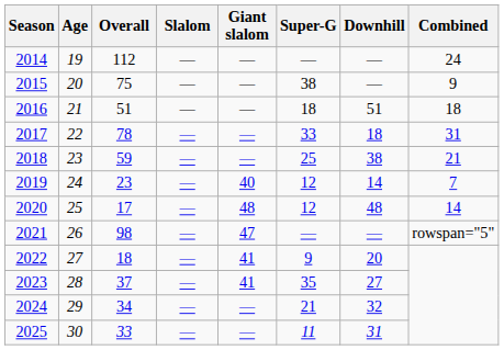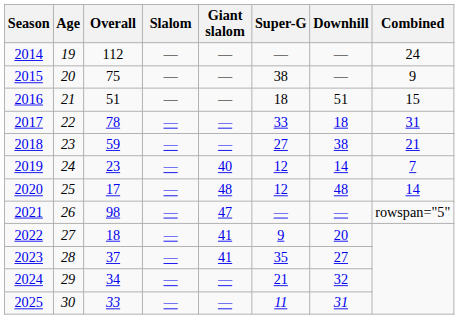 <table class=wikitable style="text-align:center">
 <tr>
 <th>Season</th>
 <th>Age</th>
 <th> Overall </th>
 <th> Slalom </th>
 <th>Giant<br> slalom </th>
 <th>Super-G</th>
 <th>Downhill</th>
 <th>Combined</th>
 </tr>
 <tr>
 <td><a href='#'>2014</a></td>
 <td><em>19</em></td>
 <td>112</td>
 <td>—</td>
 <td>—</td>
 <td>—</td>
 <td>—</td>
 <td>24</td>
 </tr>
 <tr>
 <td><a href='#'>2015</a></td>
 <td><em>20</em></td>
 <td>75</td>
 <td>—</td>
 <td>—</td>
 <td>38</td>
 <td>—</td>
 <td>9</td>
 </tr>
 <tr>
 <td><a href='#'>2016</a></td>
 <td><em>21</em></td>
 <td>51</td>
 <td>—</td>
 <td>—</td>
 <td>18</td>
 <td>51</td>
-<td>18</td>
+<td>15</td>
 </tr>
 <tr>
 <td><a href='#'>2017</a></td>
 <td><em>22</em></td>
 <td><a href='#'>78</a></td>
 <td><a href='#'>—</a></td>
 <td><a href='#'>—</a></td>
 <td><a href='#'>33</a></td>
 <td><a href='#'>18</a></td>
 <td><a href='#'>31</a></td>
 </tr>
 <tr>
 <td><a href='#'>2018</a></td>
 <td><em>23</em></td>
 <td><a href='#'>59</a></td>
 <td><a href='#'>—</a></td>
 <td><a href='#'>—</a></td>
-<td><a href='#'>25</a></td>
+<td><a href='#'>27</a></td>
 <td><a href='#'>38</a></td>
 <td><a href='#'>21</a></td>
 </tr>
 <tr>
 <td><a href='#'>2019</a></td>
 <td><em>24</em></td>
 <td><a href='#'>23</a></td>
 <td><a href='#'>—</a></td>
 <td><a href='#'>40</a></td>
 <td><a href='#'>12</a></td>
 <td><a href='#'>14</a></td>
 <td><a href='#'>7</a></td>
 </tr>
 <tr>
 <td><a href='#'>2020</a></td>
 <td><em>25</em></td>
 <td><a href='#'>17</a></td>
 <td><a href='#'>—</a></td>
 <td><a href='#'>48</a></td>
 <td><a href='#'>12</a></td>
 <td><a href='#'>48</a></td>
 <td><a href='#'>14</a></td>
 </tr>
 <tr>
 <td><a href='#'>2021</a></td>
 <td><em>26</em></td>
 <td><a href='#'>98</a></td>
 <td><a href='#'>—</a></td>
 <td><a href='#'>47</a></td>
 <td><a href='#'>—</a></td>
 <td><a href='#'>—</a></td>
 <td>rowspan="5" </td>
 </tr>
 <tr>
 <td><a href='#'>2022</a></td>
 <td><em>27</em></td>
 <td><a href='#'>18</a></td>
 <td><a href='#'>—</a></td>
 <td><a href='#'>41</a></td>
 <td><a href='#'>9</a></td>
 <td><a href='#'>20</a></td>
 </tr>
 <tr>
 <td><a href='#'>2023</a></td>
 <td><em>28</em></td>
 <td><a href='#'>37</a></td>
 <td><a href='#'>—</a></td>
 <td><a href='#'>41</a></td>
 <td><a href='#'>35</a></td>
 <td><a href='#'>27</a></td>
 </tr>
 <tr>
 <td><a href='#'>2024</a></td>
 <td><em>29</em></td>
 <td><a href='#'>34</a></td>
 <td><a href='#'>—</a></td>
 <td><a href='#'>—</a></td>
 <td><a href='#'>21</a></td>
 <td><a href='#'>32</a></td>
 </tr>
 <tr>
 <td><a href='#'>2025</a></td>
 <td><em>30</em></td>
 <td><a href='#'><em>33</em></a></td>
 <td><a href='#'>—</a></td>
 <td><a href='#'>—</a></td>
 <td><a href='#'><em>11</em></a></td>
 <td><a href='#'><em>31</em></a></td>
 </tr>
 </table>
